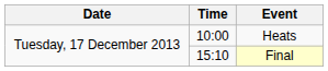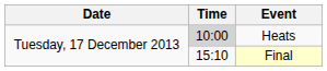 <table class = "wikitable" style="text-align:center;">
 <tr>
 <th width=220>Date</th>
 <th width=50>Time</th>
 <th width=100>Event</th>
 </tr>
 <tr>
 <td rowspan=2>Tuesday, 17 December 2013</td>
-<td>10:00</td>
+<td style="background: lightgrey;">10:00</td>
 <td>Heats</td>
 </tr>
 <tr>
 <td>15:10</td>
 <td bgcolor=ffffcc>Final</td>
 </tr>
 </table>
